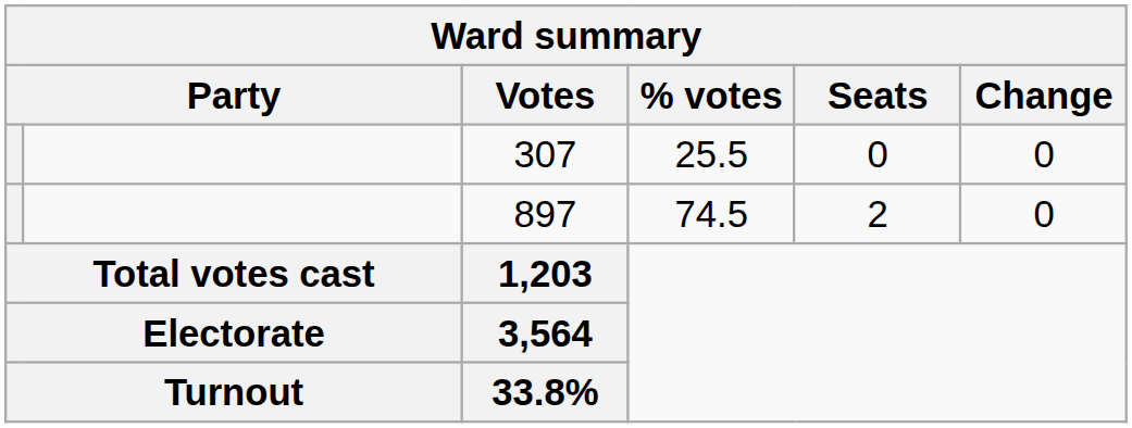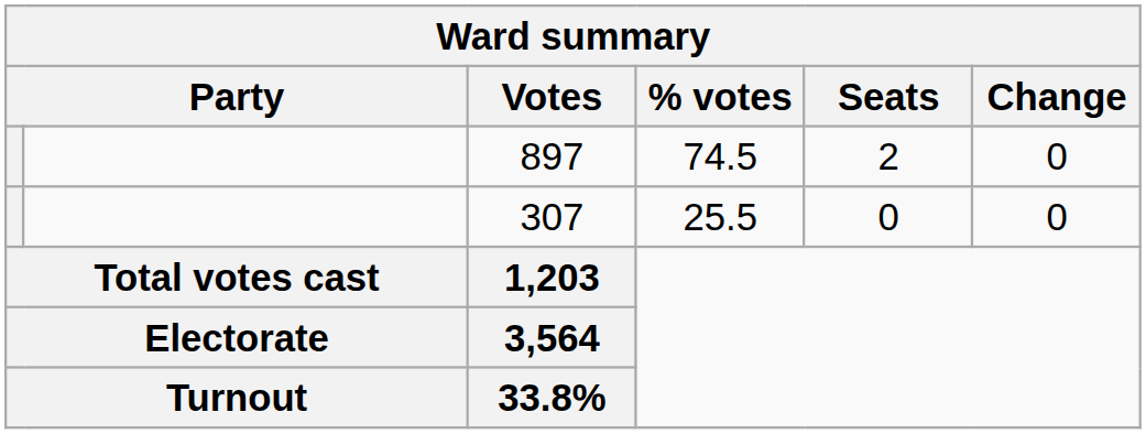 <table class="wikitable" style="font-size: 95%;">
 <tr>
 <th colspan="6">Ward summary</th>
 </tr>
 <tr>
 <th colspan="2">Party</th>
 <th style="width: 60px">Votes</th>
 <th style="width: 60px">% votes</th>
 <th style="width: 60px">Seats</th>
 <th style="width: 60px">Change</th>
 </tr>
 <tr>
 <th style="background-color: "></th>
 <td style="width: 170px"><a href='#'></a></td>
-<td align="center">307</td>
-<td align="center">25.5</td>
-<td align="center">0</td>
+<td align="center">897</td>
+<td align="center">74.5</td>
+<td align="center">2</td>
 <td align="center">0</td>
 </tr>
 <tr>
 <th style="background-color: "></th>
 <td style="width: 170px"><a href='#'></a></td>
-<td align="center">897</td>
-<td align="center">74.5</td>
-<td align="center">2</td>
+<td align="center">307</td>
+<td align="center">25.5</td>
+<td align="center">0</td>
 <td align="center">0</td>
 </tr>
 <tr style="background-color:#E9E9E9">
 <th colspan="2">Total votes cast</th>
 <th style="width: 60px">1,203</th>
 </tr>
 <tr style="background-color:#E9E9E9">
 <th colspan="2">Electorate</th>
 <th style="width: 60px">3,564</th>
 </tr>
 <tr style="background-color:#E9E9E9">
 <th colspan="2">Turnout</th>
 <th style="width: 60px">33.8%</th>
 </tr>
 </table>
